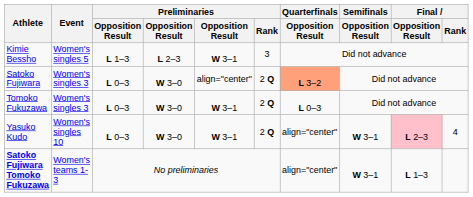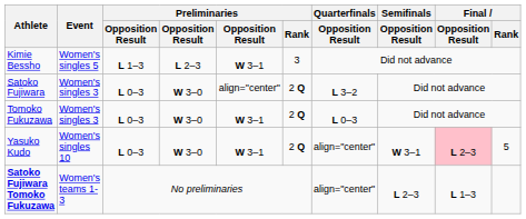 <table class=wikitable style="font-size:90%">
 <tr>
 <th rowspan="2">Athlete</th>
 <th rowspan="2">Event</th>
 <th colspan="4">Preliminaries</th>
 <th>Quarterfinals</th>
 <th>Semifinals</th>
 <th colspan="2">Final / </th>
 </tr>
 <tr>
 <th>Opposition<br>Result</th>
 <th>Opposition<br>Result</th>
 <th>Opposition<br>Result</th>
 <th>Rank</th>
 <th>Opposition<br>Result</th>
 <th>Opposition<br>Result</th>
 <th>Opposition<br>Result</th>
 <th>Rank</th>
 </tr>
 <tr>
 <td><a href='#'>Kimie Bessho</a></td>
 <td><a href='#'>Women's singles 5</a></td>
 <td align="center"><br><strong>L</strong> 1–3</td>
 <td align="center"><br><strong>L</strong> 2–3</td>
 <td align="center"><br><strong>W</strong> 3–1</td>
 <td align="center">3</td>
 <td align="center" colspan="4">Did not advance</td>
 </tr>
 <tr>
 <td><a href='#'>Satoko Fujiwara</a></td>
 <td><a href='#'>Women's singles 3</a></td>
 <td align="center"><br><strong>L</strong> 0–3</td>
 <td align="center"><br><strong>W</strong> 3–0</td>
 <td>align="center" </td>
 <td align="center">2 <strong>Q</strong></td>
-<td align="center" style="background: lightsalmon;"><br><strong>L</strong> 3–2</td>
+<td align="center"><br><strong>L</strong> 3–2</td>
 <td align="center" colspan="3">Did not advance</td>
 </tr>
 <tr>
 <td><a href='#'>Tomoko Fukuzawa</a></td>
 <td><a href='#'>Women's singles 3</a></td>
 <td align="center"><br><strong>L</strong> 0–3</td>
 <td align="center"><br><strong>W</strong> 3–0</td>
 <td align="center"><br><strong>W</strong> 3–1</td>
 <td align="center">2 <strong>Q</strong></td>
 <td align="center"><br><strong>L</strong> 0–3</td>
 <td align="center" colspan="3">Did not advance</td>
 </tr>
 <tr>
 <td><a href='#'>Yasuko Kudo</a></td>
 <td><a href='#'>Women's singles 10</a></td>
 <td align="center"><br><strong>L</strong> 0–3</td>
 <td align="center"><br><strong>W</strong> 3–0</td>
 <td align="center"><br><strong>W</strong> 3–1</td>
 <td align="center">2 <strong>Q</strong></td>
 <td>align="center" </td>
 <td align="center"><br><strong>W</strong> 3–1</td>
 <td align="center" style="background: pink;"><br><strong>L</strong> 2–3</td>
-<td align="center">4</td>
+<td align="center">5</td>
 </tr>
 <tr>
 <td><strong><a href='#'>Satoko Fujiwara</a></strong><br> <strong><a href='#'>Tomoko Fukuzawa</a></strong></td>
 <td><a href='#'>Women's teams 1-3</a></td>
 <td align="center" colspan="4"><em>No preliminaries</em></td>
 <td>align="center" </td>
-<td align="center"><br><strong>W</strong> 3–1</td>
+<td align="center"><br><strong>L</strong> 2–3</td>
 <td align="center"><br><strong>L</strong> 1–3</td>
 <td align="center"></td>
 </tr>
 </table>
